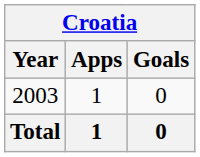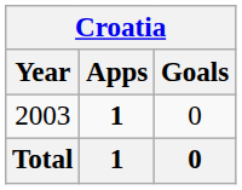 <table class="wikitable" style="text-align:center">
 <tr>
 <th colspan=3><a href='#'>Croatia</a></th>
 </tr>
 <tr>
 <th>Year</th>
 <th>Apps</th>
 <th>Goals</th>
 </tr>
 <tr>
 <td>2003</td>
-<td>1</td>
+<td><strong>1</strong></td>
 <td>0</td>
 </tr>
 <tr>
 <th>Total</th>
 <th>1</th>
 <th>0</th>
 </tr>
 </table>
